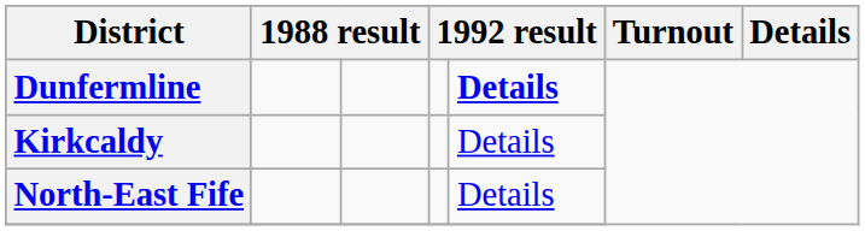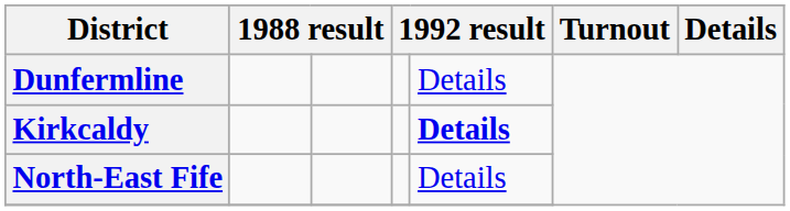 <table class="wikitable">
 <tr>
 <th scope="col">District</th>
 <th scope="col"  colspan="2">1988 result</th>
 <th scope="col" colspan="2">1992 result</th>
 <th scope="col">Turnout</th>
 <th scope="col">Details</th>
 </tr>
 <tr>
 <th scope="row" style="text-align: left;"><a href='#'>Dunfermline</a></th>
 <td></td>
 <td></td>
 <td></td>
-<td><strong><a href='#'>Details</a></strong></td>
+<td><a href='#'>Details</a></td>
 </tr>
 <tr>
 <th scope="row" style="text-align: left;"><a href='#'>Kirkcaldy</a></th>
 <td></td>
 <td></td>
 <td></td>
-<td><a href='#'>Details</a></td>
+<td><strong><a href='#'>Details</a></strong></td>
 </tr>
 <tr>
 <th scope="row" style="text-align: left;"><a href='#'>North-East Fife</a></th>
 <td></td>
 <td></td>
 <td></td>
 <td><a href='#'>Details</a></td>
 </tr>
 <tr>
 </tr>
 </table>
